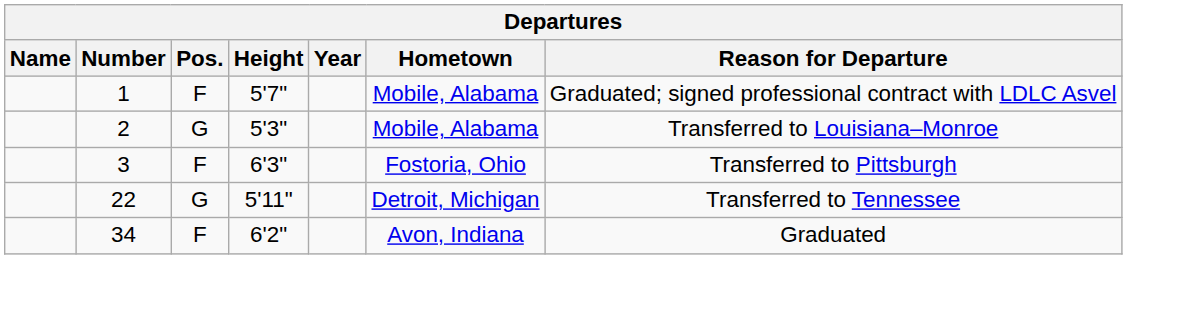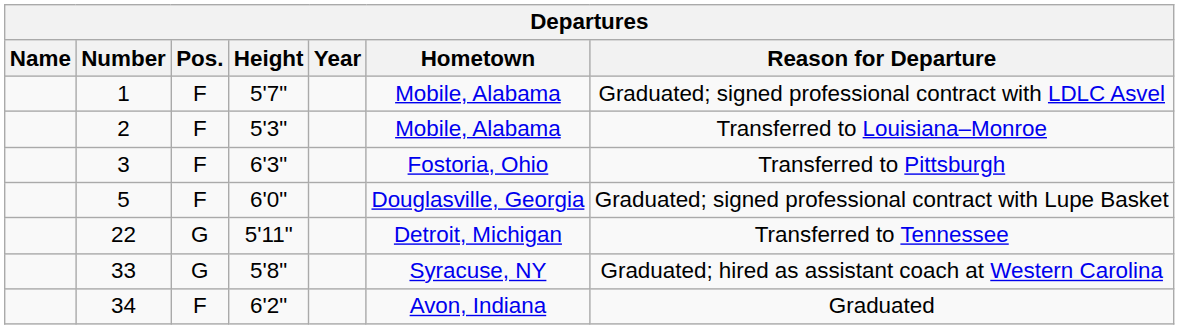 <table class="wikitable sortable" border="1" style="text-align: center;">
 <tr>
 <th colspan=7>Departures</th>
 </tr>
 <tr align=center>
 <th>Name</th>
 <th>Number</th>
 <th>Pos.</th>
 <th>Height</th>
 <th>Year</th>
 <th>Hometown</th>
 <th>Reason for Departure</th>
 </tr>
 <tr>
 <td></td>
 <td>1</td>
 <td>F</td>
 <td>5'7"</td>
 <td></td>
 <td><a href='#'>Mobile, Alabama</a></td>
 <td>Graduated; signed professional contract with <a href='#'>LDLC Asvel</a></td>
 </tr>
 <tr>
 <td></td>
 <td>2</td>
-<td>G</td>
+<td>F</td>
 <td>5'3"</td>
 <td></td>
 <td><a href='#'>Mobile, Alabama</a></td>
 <td>Transferred to <a href='#'>Louisiana–Monroe</a></td>
 </tr>
 <tr>
 <td></td>
 <td>3</td>
 <td>F</td>
 <td>6'3"</td>
 <td></td>
 <td><a href='#'>Fostoria, Ohio</a></td>
 <td>Transferred to <a href='#'>Pittsburgh</a></td>
 </tr>
 <tr>
 <td></td>
+<td>5</td>
+<td>F</td>
+<td>6'0"</td>
+<td></td>
+<td><a href='#'>Douglasville, Georgia</a></td>
+<td>Graduated; signed professional contract with Lupe Basket</td>
+</tr>
+<tr>
+<td></td>
 <td>22</td>
 <td>G</td>
 <td>5'11"</td>
 <td></td>
 <td><a href='#'>Detroit, Michigan</a></td>
 <td>Transferred to <a href='#'>Tennessee</a></td>
+</tr>
+<tr>
+<td></td>
+<td>33</td>
+<td>G</td>
+<td>5'8"</td>
+<td></td>
+<td><a href='#'>Syracuse, NY</a></td>
+<td>Graduated; hired as assistant coach at <a href='#'>Western Carolina</a></td>
 </tr>
 <tr>
 <td></td>
 <td>34</td>
 <td>F</td>
 <td>6'2"</td>
 <td></td>
 <td><a href='#'>Avon, Indiana</a></td>
 <td>Graduated</td>
 </tr>
 </table>
